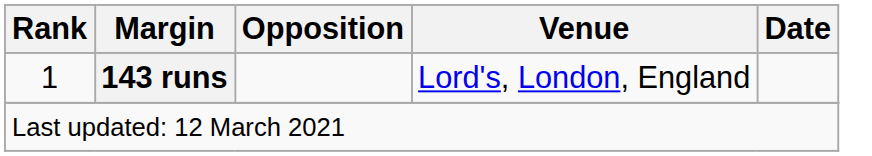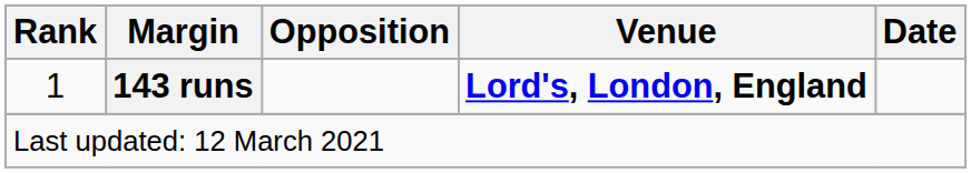 <table class="wikitable plainrowheaders sortable">
 <tr>
 <th scope=col>Rank</th>
 <th scope=col>Margin</th>
 <th scope=col>Opposition</th>
 <th scope=col>Venue</th>
 <th scope=col>Date</th>
 </tr>
 <tr>
 <td align=center>1</td>
 <th scope=row style="text-align:center;">143 runs</th>
 <td></td>
-<td><a href='#'>Lord's</a>, <a href='#'>London</a>, England</td>
+<td><strong><a href='#'>Lord's</a>, <a href='#'>London</a>, England</strong></td>
 <td></td>
 </tr>
 <tr>
 </tr>
 <tr class=sortbottom>
 <td colspan=5><small>Last updated: 12 March 2021</small></td>
 </tr>
 </table>
